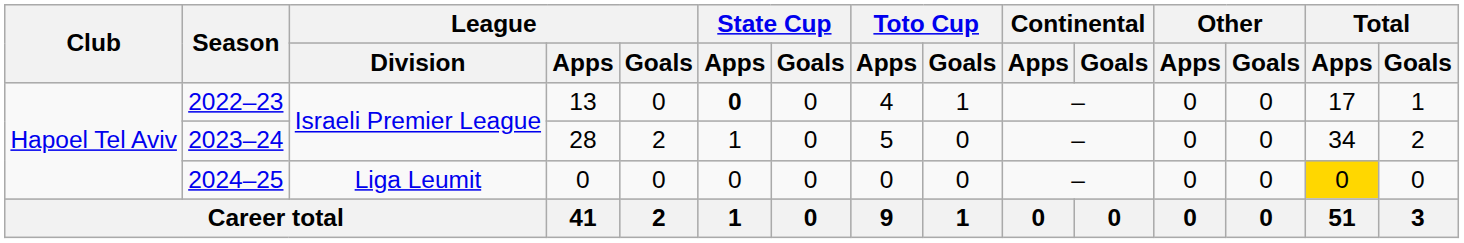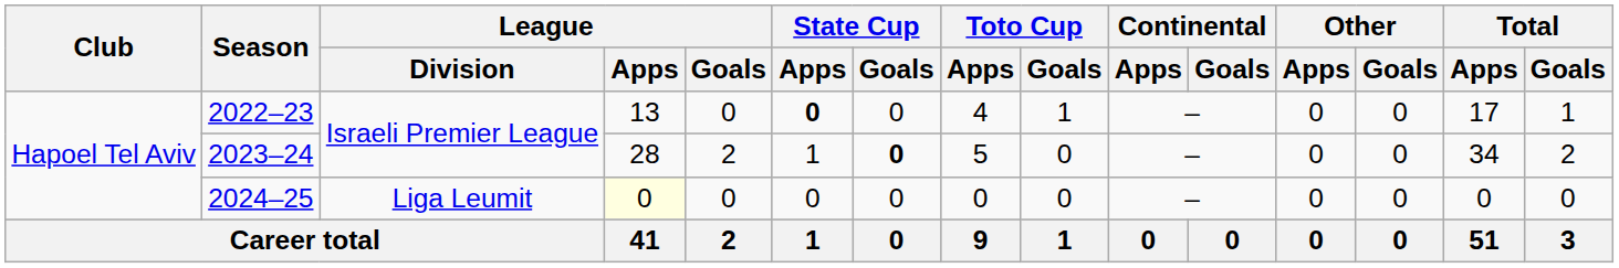 <table class="wikitable" style="text-align: center">
 <tr>
 <th rowspan="2">Club</th>
 <th rowspan="2">Season</th>
 <th colspan="3">League</th>
 <th colspan="2"><a href='#'>State Cup</a></th>
 <th colspan="2"><a href='#'>Toto Cup</a></th>
 <th colspan="2">Continental</th>
 <th colspan="2">Other</th>
 <th colspan="2">Total</th>
 </tr>
 <tr>
 <th>Division</th>
 <th>Apps</th>
 <th>Goals</th>
 <th>Apps</th>
 <th>Goals</th>
 <th>Apps</th>
 <th>Goals</th>
 <th>Apps</th>
 <th>Goals</th>
 <th>Apps</th>
 <th>Goals</th>
 <th>Apps</th>
 <th>Goals</th>
 </tr>
 <tr>
 <td rowspan="3"><a href='#'>Hapoel Tel Aviv</a></td>
 <td><a href='#'>2022–23</a></td>
 <td rowspan="2"><a href='#'>Israeli Premier League</a></td>
 <td>13</td>
 <td>0</td>
 <td><strong>0</strong></td>
 <td>0</td>
 <td>4</td>
 <td>1</td>
 <td colspan="2">–</td>
 <td>0</td>
 <td>0</td>
 <td>17</td>
 <td>1</td>
 </tr>
 <tr>
 <td><a href='#'>2023–24</a></td>
 <td>28</td>
 <td>2</td>
 <td>1</td>
-<td>0</td>
+<td><strong>0</strong></td>
 <td>5</td>
 <td>0</td>
 <td colspan="2">–</td>
 <td>0</td>
 <td>0</td>
 <td>34</td>
 <td>2</td>
 </tr>
 <tr>
 <td><a href='#'>2024–25</a></td>
 <td rowspan="1"><a href='#'>Liga Leumit</a></td>
-<td>0</td>
+<td style="background: lightyellow;">0</td>
 <td>0</td>
 <td>0</td>
 <td>0</td>
 <td>0</td>
 <td>0</td>
 <td colspan="2">–</td>
 <td>0</td>
 <td>0</td>
-<td style="background: gold;">0</td>
+<td>0</td>
 <td>0</td>
 </tr>
 <tr>
 <th colspan="3"><strong>Career total</strong></th>
 <th>41</th>
 <th>2</th>
 <th>1</th>
 <th>0</th>
 <th>9</th>
 <th>1</th>
 <th>0</th>
 <th>0</th>
 <th>0</th>
 <th>0</th>
 <th>51</th>
 <th>3</th>
 </tr>
 </table>
